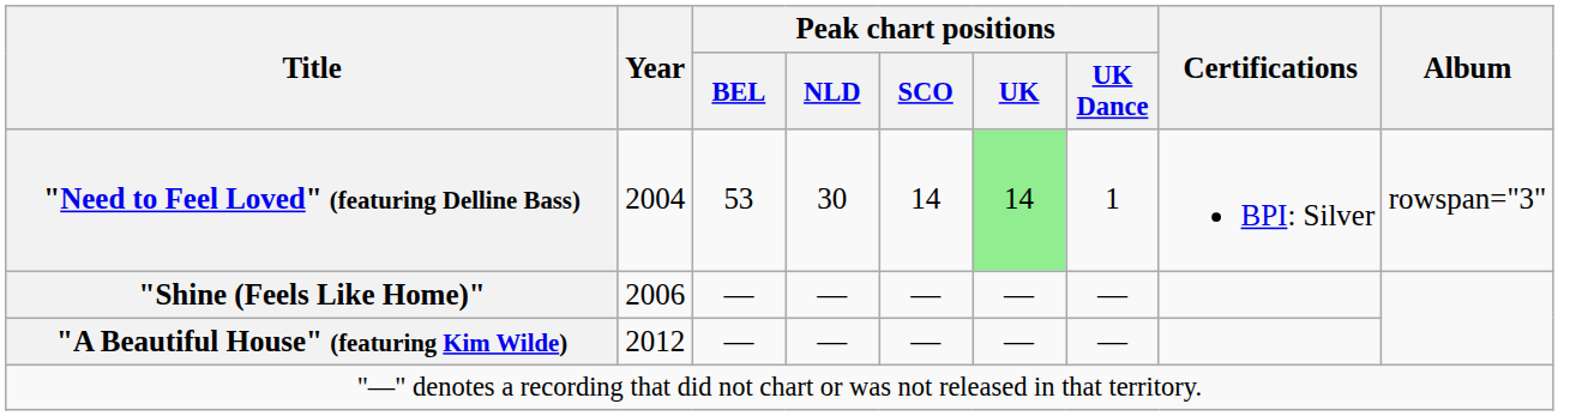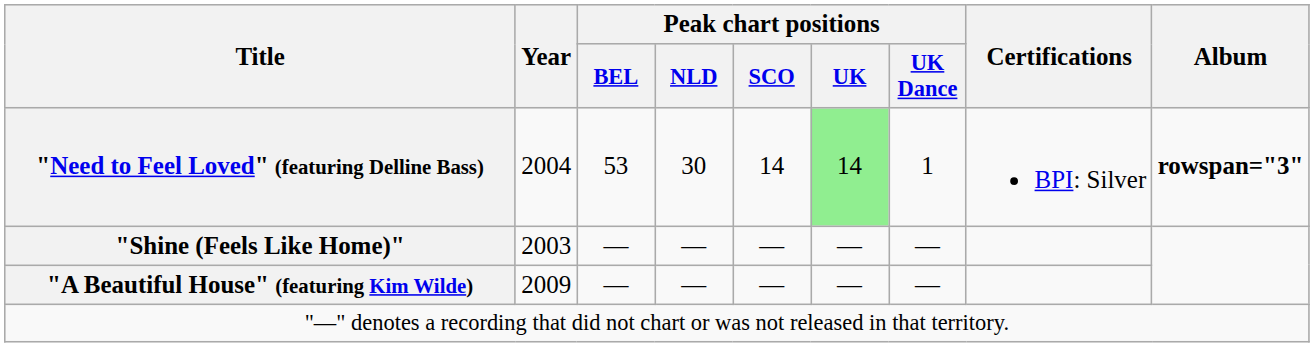 <table class="wikitable plainrowheaders" style="text-align:center;">
 <tr>
 <th scope="col" rowspan="2" style="width:20em;">Title</th>
 <th scope="col" rowspan="2">Year</th>
 <th scope="col" colspan="5">Peak chart positions</th>
 <th scope="col" rowspan="2">Certifications</th>
 <th scope="col" rowspan="2">Album</th>
 </tr>
 <tr>
 <th scope="col" style="width:3em;font-size:90%;"><a href='#'>BEL</a><br></th>
 <th scope="col" style="width:3em;font-size:90%;"><a href='#'>NLD</a><br></th>
 <th scope="col" style="width:3em;font-size:90%;"><a href='#'>SCO</a><br></th>
 <th scope="col" style="width:3em;font-size:90%;"><a href='#'>UK</a><br></th>
 <th scope="col" style="width:3em;font-size:90%;"><a href='#'>UK<br>Dance</a><br></th>
 </tr>
 <tr>
 <th scope="row">"<a href='#'>Need to Feel Loved</a>" <small>(featuring Delline Bass)</small></th>
 <td>2004</td>
 <td>53</td>
 <td>30</td>
 <td>14</td>
 <td style="background: lightgreen;">14</td>
 <td>1</td>
 <td><br><ul><li><a href='#'>BPI</a>: Silver</li></ul></td>
-<td>rowspan="3" </td>
+<td><strong>rowspan="3" </strong></td>
 </tr>
 <tr>
 <th scope="row">"Shine (Feels Like Home)"</th>
-<td>2006</td>
+<td>2003</td>
 <td>—</td>
 <td>—</td>
 <td>—</td>
 <td>—</td>
 <td>—</td>
 <td></td>
 </tr>
 <tr>
 <th scope="row">"A Beautiful House" <small>(featuring <a href='#'>Kim Wilde</a>)</small></th>
-<td>2012</td>
+<td>2009</td>
 <td>—</td>
 <td>—</td>
 <td>—</td>
 <td>—</td>
 <td>—</td>
 <td></td>
 </tr>
 <tr>
 <td colspan="15" style="font-size:90%">"—" denotes a recording that did not chart or was not released in that territory.</td>
 </tr>
 </table>
